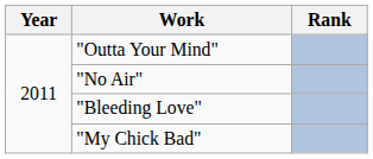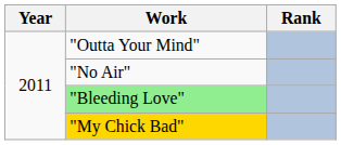 <table class="wikitable" width=50%>
 <tr>
 <th>Year</th>
 <th>Work</th>
 <th>Rank</th>
 </tr>
 <tr>
 <td style="text-align:center;" rowspan="4">2011</td>
 <td>"Outta Your Mind"</td>
 <td style="text-align:center; background:#B0C4DE"></td>
 </tr>
 <tr>
 <td>"No Air"</td>
 <td style="text-align:center; background:#B0C4DE"></td>
 </tr>
 <tr>
-<td>"Bleeding Love"</td>
+<td style="background: lightgreen;">"Bleeding Love"</td>
 <td style="text-align:center; background:#B0C4DE"></td>
 </tr>
 <tr>
-<td>"My Chick Bad"</td>
+<td style="background: gold;">"My Chick Bad"</td>
 <td style="text-align:center; background:#B0C4DE"></td>
 </tr>
 </table>
